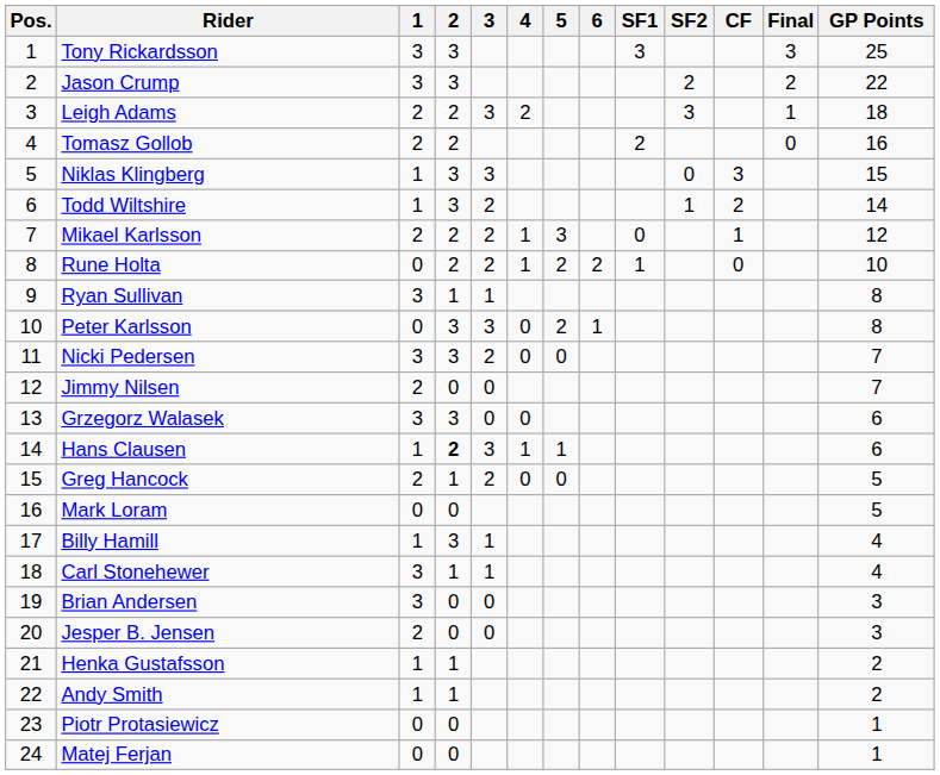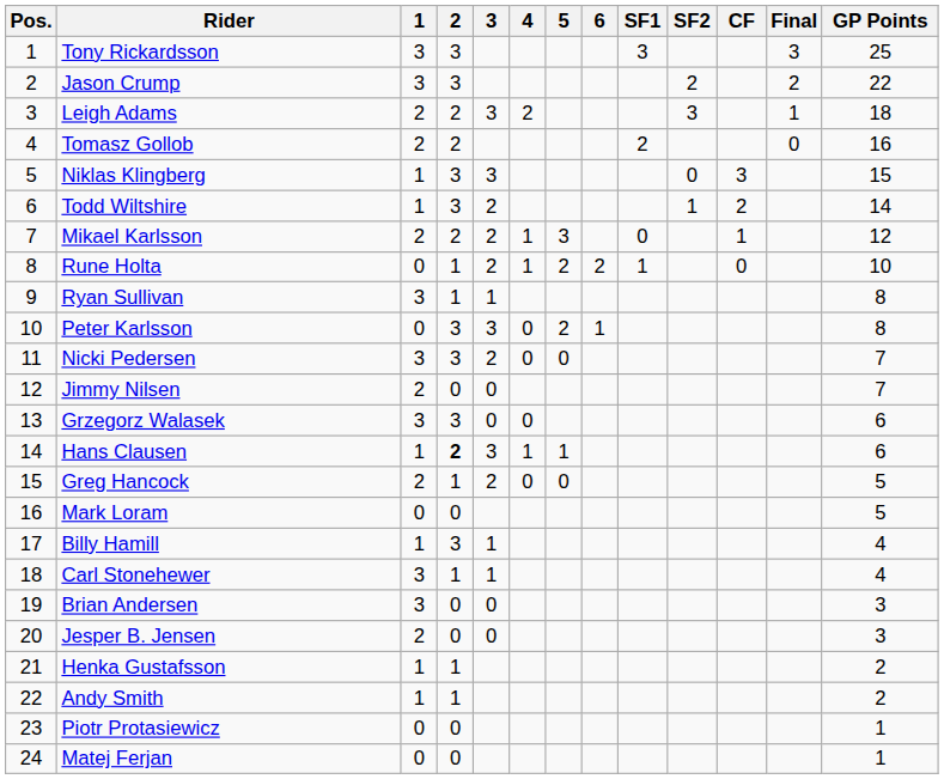 <table class=wikitable style="font-size:93%;">
 <tr>
 <th width=25px>Pos.</th>
 <th width=250px>Rider</th>
 <th width=20px>1</th>
 <th width=20px>2</th>
 <th width=20px>3</th>
 <th width=20px>4</th>
 <th width=20px>5</th>
 <th width=20px>6</th>
 <th width=30px>SF1</th>
 <th width=30px>SF2</th>
 <th width=30px>CF</th>
 <th width=30px>Final</th>
 <th width=80px>GP Points</th>
 </tr>
 <tr align=center style="background-color:">
 <td>1</td>
 <td align=left> <a href='#'>Tony Rickardsson</a></td>
 <td>3</td>
 <td>3</td>
 <td></td>
 <td></td>
 <td></td>
 <td></td>
 <td>3</td>
 <td></td>
 <td></td>
 <td>3</td>
 <td>25</td>
 </tr>
 <tr align=center style="background-color:">
 <td>2</td>
 <td align=left> <a href='#'>Jason Crump</a></td>
 <td>3</td>
 <td>3</td>
 <td></td>
 <td></td>
 <td></td>
 <td></td>
 <td></td>
 <td>2</td>
 <td></td>
 <td>2</td>
 <td>22</td>
 </tr>
 <tr align=center style="background-color:">
 <td>3</td>
 <td align=left> <a href='#'>Leigh Adams</a></td>
 <td>2</td>
 <td>2</td>
 <td>3</td>
 <td>2</td>
 <td></td>
 <td></td>
 <td></td>
 <td>3</td>
 <td></td>
 <td>1</td>
 <td>18</td>
 </tr>
 <tr align=center>
 <td>4</td>
 <td align=left> <a href='#'>Tomasz Gollob</a></td>
 <td>2</td>
 <td>2</td>
 <td></td>
 <td></td>
 <td></td>
 <td></td>
 <td>2</td>
 <td></td>
 <td></td>
 <td>0</td>
 <td>16</td>
 </tr>
 <tr align=center>
 <td>5</td>
 <td align=left> <a href='#'>Niklas Klingberg</a></td>
 <td>1</td>
 <td>3</td>
 <td>3</td>
 <td></td>
 <td></td>
 <td></td>
 <td></td>
 <td>0</td>
 <td>3</td>
 <td></td>
 <td>15</td>
 </tr>
 <tr align=center>
 <td>6</td>
 <td align=left> <a href='#'>Todd Wiltshire</a></td>
 <td>1</td>
 <td>3</td>
 <td>2</td>
 <td></td>
 <td></td>
 <td></td>
 <td></td>
 <td>1</td>
 <td>2</td>
 <td></td>
 <td>14</td>
 </tr>
 <tr align=center>
 <td>7</td>
 <td align=left> <a href='#'>Mikael Karlsson</a></td>
 <td>2</td>
 <td>2</td>
 <td>2</td>
 <td>1</td>
 <td>3</td>
 <td></td>
 <td>0</td>
 <td></td>
 <td>1</td>
 <td></td>
 <td>12</td>
 </tr>
 <tr align=center>
 <td>8</td>
 <td align=left> <a href='#'>Rune Holta</a></td>
 <td>0</td>
-<td>2</td>
+<td>1</td>
 <td>2</td>
 <td>1</td>
 <td>2</td>
 <td>2</td>
 <td>1</td>
 <td></td>
 <td>0</td>
 <td></td>
 <td>10</td>
 </tr>
 <tr align=center>
 <td>9</td>
 <td align=left> <a href='#'>Ryan Sullivan</a></td>
 <td>3</td>
 <td>1</td>
 <td>1</td>
 <td></td>
 <td></td>
 <td></td>
 <td></td>
 <td></td>
 <td></td>
 <td></td>
 <td>8</td>
 </tr>
 <tr align=center>
 <td>10</td>
 <td align=left> <a href='#'>Peter Karlsson</a></td>
 <td>0</td>
 <td>3</td>
 <td>3</td>
 <td>0</td>
 <td>2</td>
 <td>1</td>
 <td></td>
 <td></td>
 <td></td>
 <td></td>
 <td>8</td>
 </tr>
 <tr align=center>
 <td>11</td>
 <td align=left> <a href='#'>Nicki Pedersen</a></td>
 <td>3</td>
 <td>3</td>
 <td>2</td>
 <td>0</td>
 <td>0</td>
 <td></td>
 <td></td>
 <td></td>
 <td></td>
 <td></td>
 <td>7</td>
 </tr>
 <tr align=center>
 <td>12</td>
 <td align=left> <a href='#'>Jimmy Nilsen</a></td>
 <td>2</td>
 <td>0</td>
 <td>0</td>
 <td></td>
 <td></td>
 <td></td>
 <td></td>
 <td></td>
 <td></td>
 <td></td>
 <td>7</td>
 </tr>
 <tr align=center>
 <td>13</td>
 <td align=left> <a href='#'>Grzegorz Walasek</a></td>
 <td>3</td>
 <td>3</td>
 <td>0</td>
 <td>0</td>
 <td></td>
 <td></td>
 <td></td>
 <td></td>
 <td></td>
 <td></td>
 <td>6</td>
 </tr>
 <tr align=center>
 <td>14</td>
 <td align=left> <a href='#'>Hans Clausen</a></td>
 <td>1</td>
 <td><strong>2</strong></td>
 <td>3</td>
 <td>1</td>
 <td>1</td>
 <td></td>
 <td></td>
 <td></td>
 <td></td>
 <td></td>
 <td>6</td>
 </tr>
 <tr align=center>
 <td>15</td>
 <td align=left> <a href='#'>Greg Hancock</a></td>
 <td>2</td>
 <td>1</td>
 <td>2</td>
 <td>0</td>
 <td>0</td>
 <td></td>
 <td></td>
 <td></td>
 <td></td>
 <td></td>
 <td>5</td>
 </tr>
 <tr align=center>
 <td>16</td>
 <td align=left> <a href='#'>Mark Loram</a></td>
 <td>0</td>
 <td>0</td>
 <td></td>
 <td></td>
 <td></td>
 <td></td>
 <td></td>
 <td></td>
 <td></td>
 <td></td>
 <td>5</td>
 </tr>
 <tr align=center>
 <td>17</td>
 <td align=left> <a href='#'>Billy Hamill</a></td>
 <td>1</td>
 <td>3</td>
 <td>1</td>
 <td></td>
 <td></td>
 <td></td>
 <td></td>
 <td></td>
 <td></td>
 <td></td>
 <td>4</td>
 </tr>
 <tr align=center>
 <td>18</td>
 <td align=left> <a href='#'>Carl Stonehewer</a></td>
 <td>3</td>
 <td>1</td>
 <td>1</td>
 <td></td>
 <td></td>
 <td></td>
 <td></td>
 <td></td>
 <td></td>
 <td></td>
 <td>4</td>
 </tr>
 <tr align=center>
 <td>19</td>
 <td align=left> <a href='#'>Brian Andersen</a></td>
 <td>3</td>
 <td>0</td>
 <td>0</td>
 <td></td>
 <td></td>
 <td></td>
 <td></td>
 <td></td>
 <td></td>
 <td></td>
 <td>3</td>
 </tr>
 <tr align=center>
 <td>20</td>
 <td align=left> <a href='#'>Jesper B. Jensen</a></td>
 <td>2</td>
 <td>0</td>
 <td>0</td>
 <td></td>
 <td></td>
 <td></td>
 <td></td>
 <td></td>
 <td></td>
 <td></td>
 <td>3</td>
 </tr>
 <tr align=center>
 <td>21</td>
 <td align=left> <a href='#'>Henka Gustafsson</a></td>
 <td>1</td>
 <td>1</td>
 <td></td>
 <td></td>
 <td></td>
 <td></td>
 <td></td>
 <td></td>
 <td></td>
 <td></td>
 <td>2</td>
 </tr>
 <tr align=center>
 <td>22</td>
 <td align=left> <a href='#'>Andy Smith</a></td>
 <td>1</td>
 <td>1</td>
 <td></td>
 <td></td>
 <td></td>
 <td></td>
 <td></td>
 <td></td>
 <td></td>
 <td></td>
 <td>2</td>
 </tr>
 <tr align=center>
 <td>23</td>
 <td align=left> <a href='#'>Piotr Protasiewicz</a></td>
 <td>0</td>
 <td>0</td>
 <td></td>
 <td></td>
 <td></td>
 <td></td>
 <td></td>
 <td></td>
 <td></td>
 <td></td>
 <td>1</td>
 </tr>
 <tr align=center>
 <td>24</td>
 <td align=left> <a href='#'>Matej Ferjan</a></td>
 <td>0</td>
 <td>0</td>
 <td></td>
 <td></td>
 <td></td>
 <td></td>
 <td></td>
 <td></td>
 <td></td>
 <td></td>
 <td>1</td>
 </tr>
 </table>
